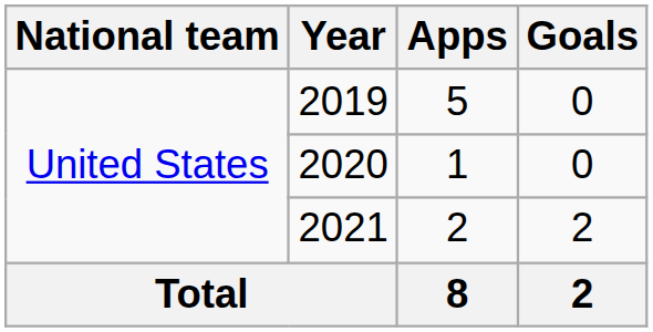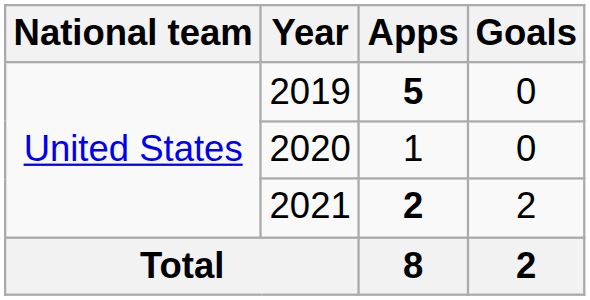 <table class=wikitable style=text-align:center>
 <tr>
 <th>National team</th>
 <th>Year</th>
 <th>Apps</th>
 <th>Goals</th>
 </tr>
 <tr>
 <td rowspan=3><a href='#'>United States</a></td>
 <td>2019</td>
-<td>5</td>
+<td><strong>5</strong></td>
 <td>0</td>
 </tr>
 <tr>
 <td>2020</td>
 <td>1</td>
 <td>0</td>
 </tr>
 <tr>
 <td>2021</td>
-<td>2</td>
+<td><strong>2</strong></td>
 <td>2</td>
 </tr>
 <tr>
 <th colspan=2>Total</th>
 <th>8</th>
 <th>2</th>
 </tr>
 </table>
